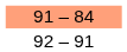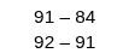 <table style="text-align:center;">
 <tr>
 <th width=200></th>
 <th width=100></th>
 <th width=200></th>
 <th></th>
 </tr>
 <tr>
 <td align=right><strong></strong></td>
-<td style="background: lightsalmon;">91 – 84</td>
+<td>91 – 84</td>
 <td align=left></td>
 </tr>
 <tr>
 <td align=right><strong></strong></td>
 <td>92 – 91</td>
 <td align=left></td>
 </tr>
 </table>
